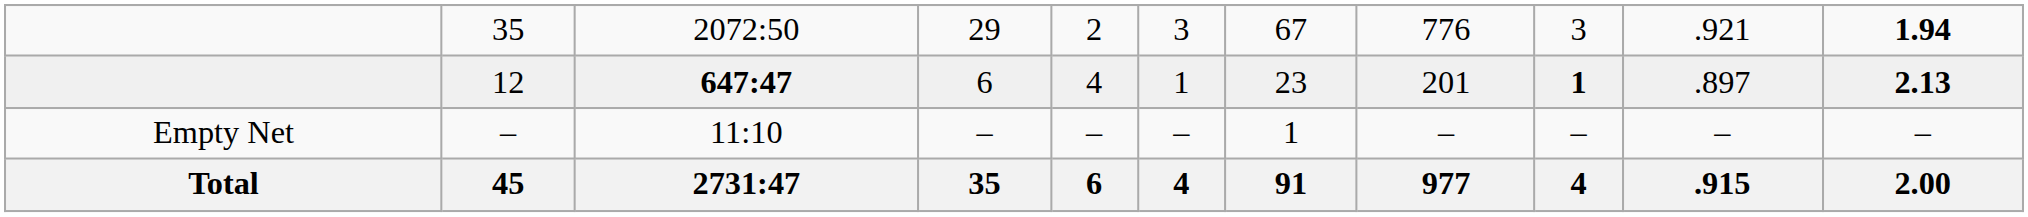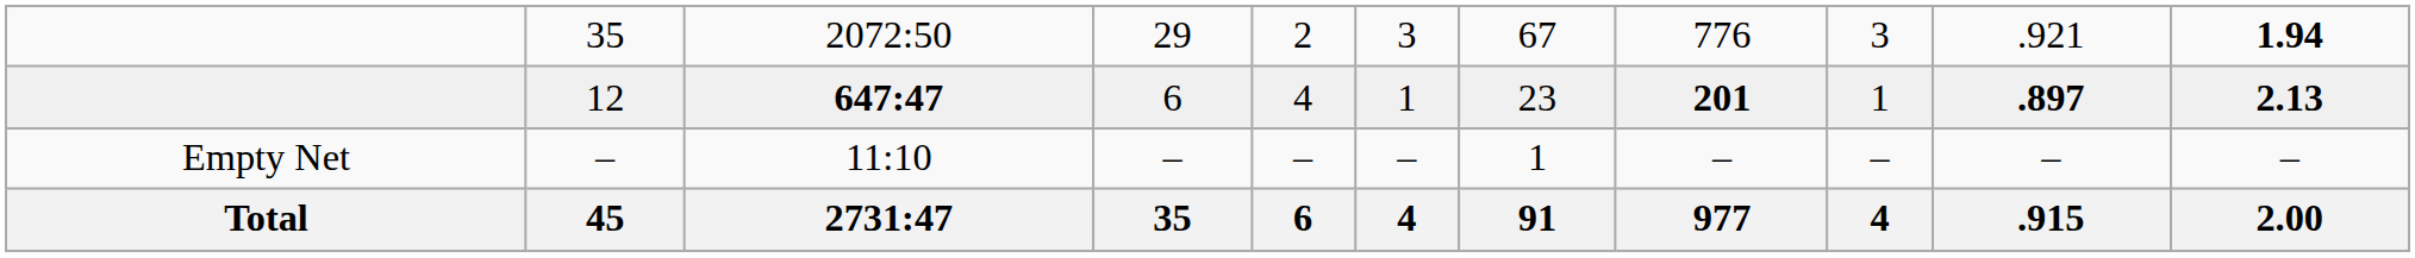 <table class="wikitable sortable" width ="1000">
 <tr align="center">
 </tr>
 <tr align="center" bgcolor="">
 <td></td>
 <td>35</td>
 <td>2072:50</td>
 <td>29</td>
 <td>2</td>
 <td>3</td>
 <td>67</td>
 <td>776</td>
 <td>3</td>
 <td>.921</td>
 <td><strong>1.94</strong></td>
 </tr>
 <tr align="center" bgcolor="f0f0f0">
 <td></td>
 <td>12</td>
 <td><strong>647:47</strong></td>
 <td>6</td>
 <td>4</td>
 <td>1</td>
 <td>23</td>
-<td>201</td>
-<td><strong>1</strong></td>
-<td>.897</td>
+<td><strong>201</strong></td>
+<td>1</td>
+<td><strong>.897</strong></td>
 <td><strong>2.13</strong></td>
 </tr>
 <tr align="center" bgcolor="">
 <td>Empty Net</td>
 <td>–</td>
 <td>11:10</td>
 <td>–</td>
 <td>–</td>
 <td>–</td>
 <td>1</td>
 <td>–</td>
 <td>–</td>
 <td>–</td>
 <td>–</td>
 </tr>
 <tr>
 <th>Total</th>
 <th>45</th>
 <th>2731:47</th>
 <th>35</th>
 <th>6</th>
 <th>4</th>
 <th>91</th>
 <th>977</th>
 <th>4</th>
 <th>.915</th>
 <th>2.00</th>
 </tr>
 </table>
